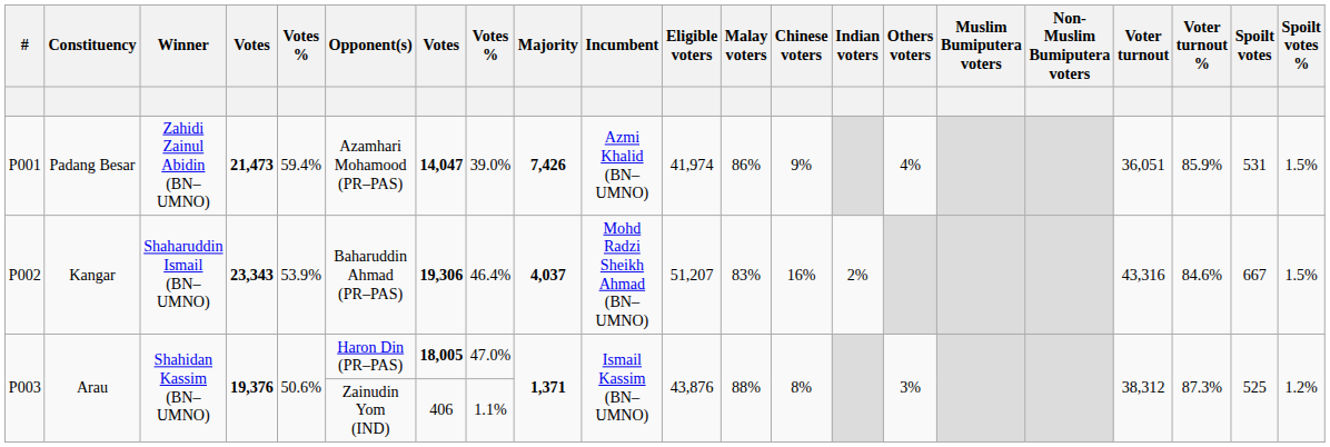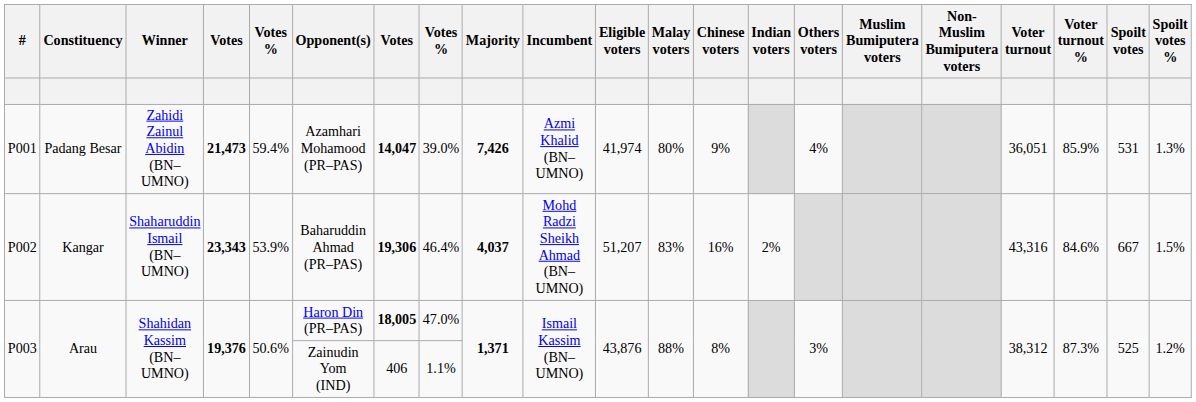 <table class="wikitable sortable" style="text-align:center; font-size:90%">
 <tr>
 <th width="30">#</th>
 <th width="60">Constituency</th>
 <th width="150">Winner</th>
 <th width="50">Votes</th>
 <th width="50">Votes %</th>
 <th width="150">Opponent(s)</th>
 <th width="50">Votes</th>
 <th width="50">Votes %</th>
 <th width="50">Majority</th>
 <th width="150">Incumbent</th>
 <th width="50">Eligible voters</th>
 <th width="50">Malay voters</th>
 <th width="50">Chinese voters</th>
 <th width="50">Indian voters</th>
 <th width="50">Others voters</th>
 <th width="50">Muslim Bumiputera voters</th>
 <th width="50">Non-Muslim Bumiputera voters</th>
 <th width="50">Voter turnout</th>
 <th width="50">Voter turnout %</th>
 <th width="50">Spoilt votes</th>
 <th width="50">Spoilt votes %</th>
 </tr>
 <tr>
 <th height="20"></th>
 <th></th>
 <th></th>
 <th></th>
 <th></th>
 <th></th>
 <th></th>
 <th></th>
 <th></th>
 <th></th>
 <th></th>
 <th></th>
 <th></th>
 <th></th>
 <th></th>
 <th></th>
 <th></th>
 <th></th>
 <th></th>
 <th></th>
 <th></th>
 </tr>
 <tr>
 <td>P001</td>
 <td>Padang Besar</td>
 <td><a href='#'>Zahidi Zainul Abidin</a><br>(BN–UMNO)</td>
 <td><strong>21,473</strong></td>
 <td>59.4%</td>
 <td>Azamhari Mohamood<br>(PR–PAS)</td>
 <td><strong>14,047</strong></td>
 <td>39.0%</td>
 <td><strong>7,426</strong></td>
 <td><a href='#'>Azmi Khalid</a><br>(BN–UMNO)</td>
 <td>41,974</td>
-<td>86%</td>
+<td>80%</td>
 <td>9%</td>
 <td bgcolor="dcdcdc"></td>
 <td>4%</td>
 <td bgcolor="dcdcdc"></td>
 <td bgcolor="dcdcdc"></td>
 <td>36,051</td>
 <td>85.9%</td>
 <td>531</td>
-<td>1.5%</td>
+<td>1.3%</td>
 </tr>
 <tr>
 <td>P002</td>
 <td>Kangar</td>
 <td><a href='#'>Shaharuddin Ismail</a><br>(BN–UMNO)</td>
 <td><strong>23,343</strong></td>
 <td>53.9%</td>
 <td>Baharuddin Ahmad<br>(PR–PAS)</td>
 <td><strong>19,306</strong></td>
 <td>46.4%</td>
 <td><strong>4,037</strong></td>
 <td><a href='#'>Mohd Radzi Sheikh Ahmad</a><br>(BN–UMNO)</td>
 <td>51,207</td>
 <td>83%</td>
 <td>16%</td>
 <td>2%</td>
 <td bgcolor="dcdcdc"></td>
 <td bgcolor="dcdcdc"></td>
 <td bgcolor="dcdcdc"></td>
 <td>43,316</td>
 <td>84.6%</td>
 <td>667</td>
 <td>1.5%</td>
 </tr>
 <tr>
 <td rowspan="2">P003</td>
 <td rowspan="2">Arau</td>
 <td rowspan="2"><a href='#'>Shahidan Kassim</a><br>(BN–UMNO)</td>
 <td rowspan="2"><strong>19,376</strong></td>
 <td rowspan="2">50.6%</td>
 <td><a href='#'>Haron Din</a><br>(PR–PAS)</td>
 <td><strong>18,005</strong></td>
 <td>47.0%</td>
 <td rowspan="2"><strong>1,371</strong></td>
 <td rowspan="2"><a href='#'>Ismail Kassim</a><br>(BN–UMNO)</td>
 <td rowspan="2">43,876</td>
 <td rowspan="2">88%</td>
 <td rowspan="2">8%</td>
 <td rowspan="2" bgcolor="dcdcdc"></td>
 <td rowspan="2">3%</td>
 <td rowspan="2" bgcolor="dcdcdc"></td>
 <td rowspan="2" bgcolor="dcdcdc"></td>
 <td rowspan="2">38,312</td>
 <td rowspan="2">87.3%</td>
 <td rowspan="2">525</td>
 <td rowspan="2">1.2%</td>
 </tr>
 <tr>
 <td>Zainudin Yom<br>(IND)</td>
 <td>406</td>
 <td>1.1%</td>
 </tr>
 </table>
